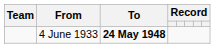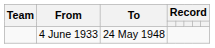 <table class=wikitable style="text-align: center">
 <tr>
 <th rowspan=2>Team</th>
 <th rowspan=2>From</th>
 <th rowspan=2>To</th>
 <th colspan=5>Record</th>
 </tr>
 <tr>
 <th></th>
 <th></th>
 <th></th>
 <th></th>
 <th></th>
 </tr>
 <tr>
 <td align=left> </td>
 <td align=left>4 June 1933</td>
-<td align=left><strong>24 May 1948<br> </strong></td>
+<td align=left>24 May 1948<br> </td>
 </tr>
 </table>
